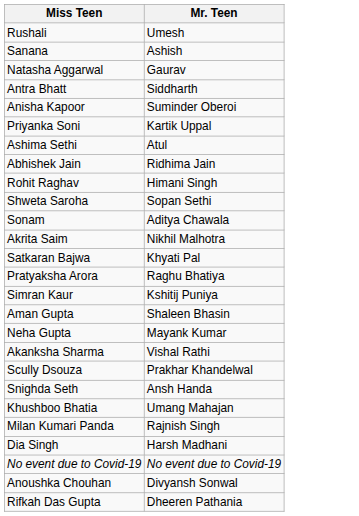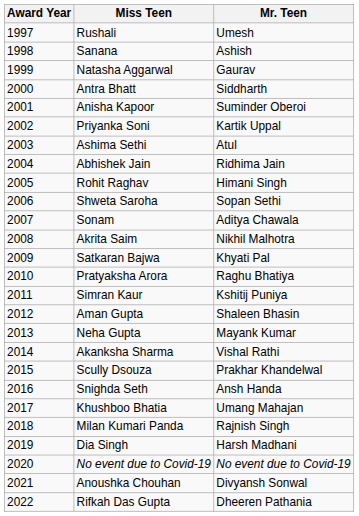 <table class="wikitable" style="font-size: x-big; font-family: arial">
 <tr>
+<th>Award Year</th>
 <th>Miss Teen</th>
 <th>Mr. Teen</th>
 </tr>
 <tr>
+<td>1997</td>
 <td>Rushali</td>
 <td>Umesh</td>
 </tr>
 <tr>
+<td>1998</td>
 <td>Sanana</td>
 <td>Ashish</td>
 </tr>
 <tr>
+<td>1999</td>
 <td>Natasha Aggarwal</td>
 <td>Gaurav</td>
 </tr>
 <tr>
+<td>2000</td>
 <td>Antra Bhatt</td>
 <td>Siddharth</td>
 </tr>
 <tr>
+<td>2001</td>
 <td>Anisha Kapoor</td>
 <td>Suminder Oberoi</td>
 </tr>
 <tr>
+<td>2002</td>
 <td>Priyanka Soni</td>
 <td>Kartik Uppal</td>
 </tr>
 <tr>
+<td>2003</td>
 <td>Ashima Sethi</td>
 <td>Atul</td>
 </tr>
 <tr>
+<td>2004</td>
 <td>Abhishek Jain</td>
 <td>Ridhima Jain</td>
 </tr>
 <tr>
+<td>2005</td>
 <td>Rohit Raghav</td>
 <td>Himani Singh</td>
 </tr>
 <tr>
+<td>2006</td>
 <td>Shweta Saroha</td>
 <td>Sopan Sethi</td>
 </tr>
 <tr>
+<td>2007</td>
 <td>Sonam</td>
 <td>Aditya Chawala</td>
 </tr>
 <tr>
+<td>2008</td>
 <td>Akrita Saim</td>
 <td>Nikhil Malhotra</td>
 </tr>
 <tr>
+<td>2009</td>
 <td>Satkaran Bajwa</td>
 <td>Khyati Pal</td>
 </tr>
 <tr>
+<td>2010</td>
 <td>Pratyaksha Arora</td>
 <td>Raghu Bhatiya</td>
 </tr>
 <tr>
+<td>2011</td>
 <td>Simran Kaur</td>
 <td>Kshitij  Puniya</td>
 </tr>
 <tr>
+<td>2012</td>
 <td>Aman Gupta</td>
 <td>Shaleen Bhasin</td>
 </tr>
 <tr>
+<td>2013</td>
 <td>Neha Gupta</td>
 <td>Mayank Kumar</td>
 </tr>
 <tr>
+<td>2014</td>
 <td>Akanksha Sharma</td>
 <td>Vishal Rathi</td>
 </tr>
 <tr>
+<td>2015</td>
 <td>Scully Dsouza</td>
 <td>Prakhar Khandelwal</td>
 </tr>
 <tr>
+<td>2016</td>
 <td>Snighda Seth</td>
 <td>Ansh Handa</td>
 </tr>
 <tr>
+<td>2017</td>
 <td>Khushboo Bhatia</td>
 <td>Umang Mahajan</td>
 </tr>
 <tr>
+<td>2018</td>
 <td>Milan Kumari Panda</td>
 <td>Rajnish Singh</td>
 </tr>
 <tr>
+<td>2019</td>
 <td>Dia Singh</td>
 <td>Harsh Madhani</td>
 </tr>
 <tr>
+<td>2020</td>
 <td><em>No event due to Covid-19</em></td>
 <td><em>No event due to Covid-19</em></td>
 </tr>
 <tr>
+<td>2021</td>
 <td>Anoushka Chouhan</td>
 <td>Divyansh Sonwal</td>
 </tr>
 <tr>
+<td>2022</td>
 <td>Rifkah Das Gupta</td>
 <td>Dheeren Pathania</td>
 </tr>
 </table>
